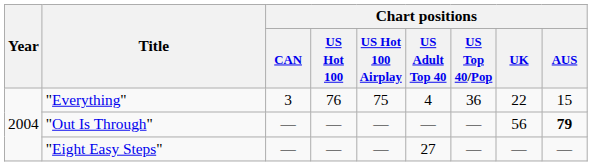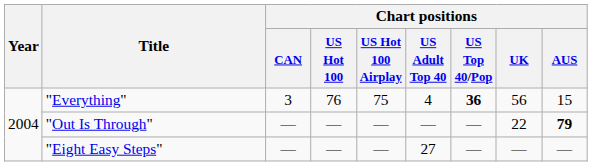 <table class="wikitable">
 <tr>
 <th width="28" rowspan="2">Year</th>
 <th width="225" rowspan="2">Title</th>
 <th colspan="8">Chart positions</th>
 </tr>
 <tr>
 <th width="40"><small><a href='#'>CAN</a></small></th>
 <th width="40"><small><a href='#'>US Hot 100</a></small></th>
 <th width="40"><small><a href='#'>US Hot 100 Airplay</a></small></th>
 <th width="40"><small><a href='#'>US Adult Top 40</a></small></th>
 <th width="40"><small><a href='#'>US Top 40</a>/<a href='#'>Pop</a></small></th>
 <th width="40"><small><a href='#'>UK</a></small></th>
 <th width="40"><small><a href='#'>AUS</a></small></th>
 </tr>
 <tr>
 <td align="center" rowspan="3">2004</td>
 <td>"<a href='#'>Everything</a>"</td>
 <td align="center">3</td>
 <td align="center">76</td>
 <td align="center">75</td>
 <td align="center">4</td>
-<td align="center">36</td>
-<td align="center">22</td>
+<td align="center"><strong>36</strong></td>
+<td align="center">56</td>
 <td align="center">15</td>
 </tr>
 <tr>
 <td>"<a href='#'>Out Is Through</a>"</td>
 <td align="center">—</td>
 <td align="center">—</td>
 <td align="center">—</td>
 <td align="center">—</td>
 <td align="center">—</td>
-<td align="center">56</td>
+<td align="center">22</td>
 <td align="center"><strong>79</strong></td>
 </tr>
 <tr>
 <td>"<a href='#'>Eight Easy Steps</a>"</td>
 <td align="center">—</td>
 <td align="center">—</td>
 <td align="center">—</td>
 <td align="center">27</td>
 <td align="center">—</td>
 <td align="center">—</td>
 <td align="center">—</td>
 </tr>
 </table>
